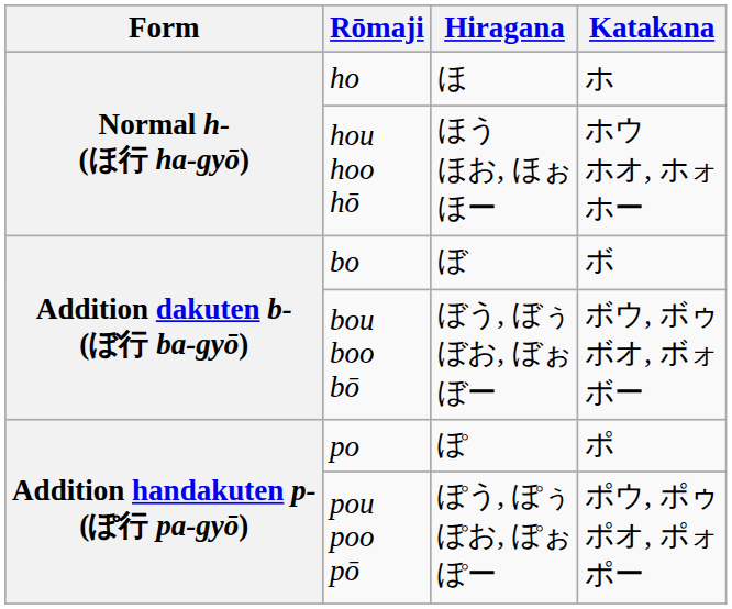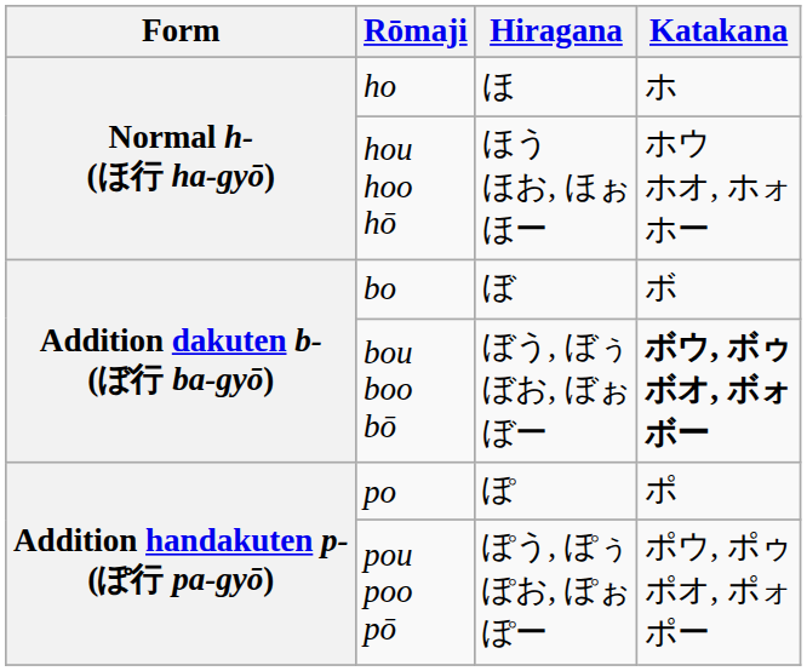 <table class="wikitable">
 <tr>
 <th>Form</th>
 <th><a href='#'>Rōmaji</a></th>
 <th><a href='#'>Hiragana</a></th>
 <th><a href='#'>Katakana</a></th>
 </tr>
 <tr>
 <th rowspan="2">Normal <em>h-</em><br>(ほ行 <em>ha-gyō</em>)</th>
 <td><em>ho</em></td>
 <td>ほ</td>
 <td>ホ</td>
 </tr>
 <tr>
 <td><em>hou</em><br><em>hoo</em><br><em>hō</em></td>
 <td>ほう<br>ほお, ほぉ<br>ほー</td>
 <td>ホウ<br>ホオ, ホォ<br>ホー</td>
 </tr>
 <tr>
 <th rowspan="2">Addition <a href='#'>dakuten</a> <em>b-</em><br>(ぼ行 <em>ba-gyō</em>)</th>
 <td><em>bo</em></td>
 <td>ぼ</td>
 <td>ボ</td>
 </tr>
 <tr>
 <td><em>bou</em><br><em>boo</em><br><em>bō</em></td>
 <td>ぼう, ぼぅ<br>ぼお, ぼぉ<br>ぼー</td>
-<td>ボウ, ボゥ<br>ボオ, ボォ<br>ボー</td>
+<td><strong>ボウ, ボゥ<br>ボオ, ボォ<br>ボー</strong></td>
 </tr>
 <tr>
 <th rowspan="2">Addition <a href='#'>handakuten</a> <em>p-</em><br>(ぽ行 <em>pa-gyō</em>)</th>
 <td><em>po</em></td>
 <td>ぽ</td>
 <td>ポ</td>
 </tr>
 <tr>
 <td><em>pou</em><br><em>poo</em><br><em>pō</em></td>
 <td>ぽう, ぽぅ<br>ぽお, ぽぉ<br>ぽー</td>
 <td>ポウ, ポゥ<br>ポオ, ポォ<br>ポー</td>
 </tr>
 </table>
